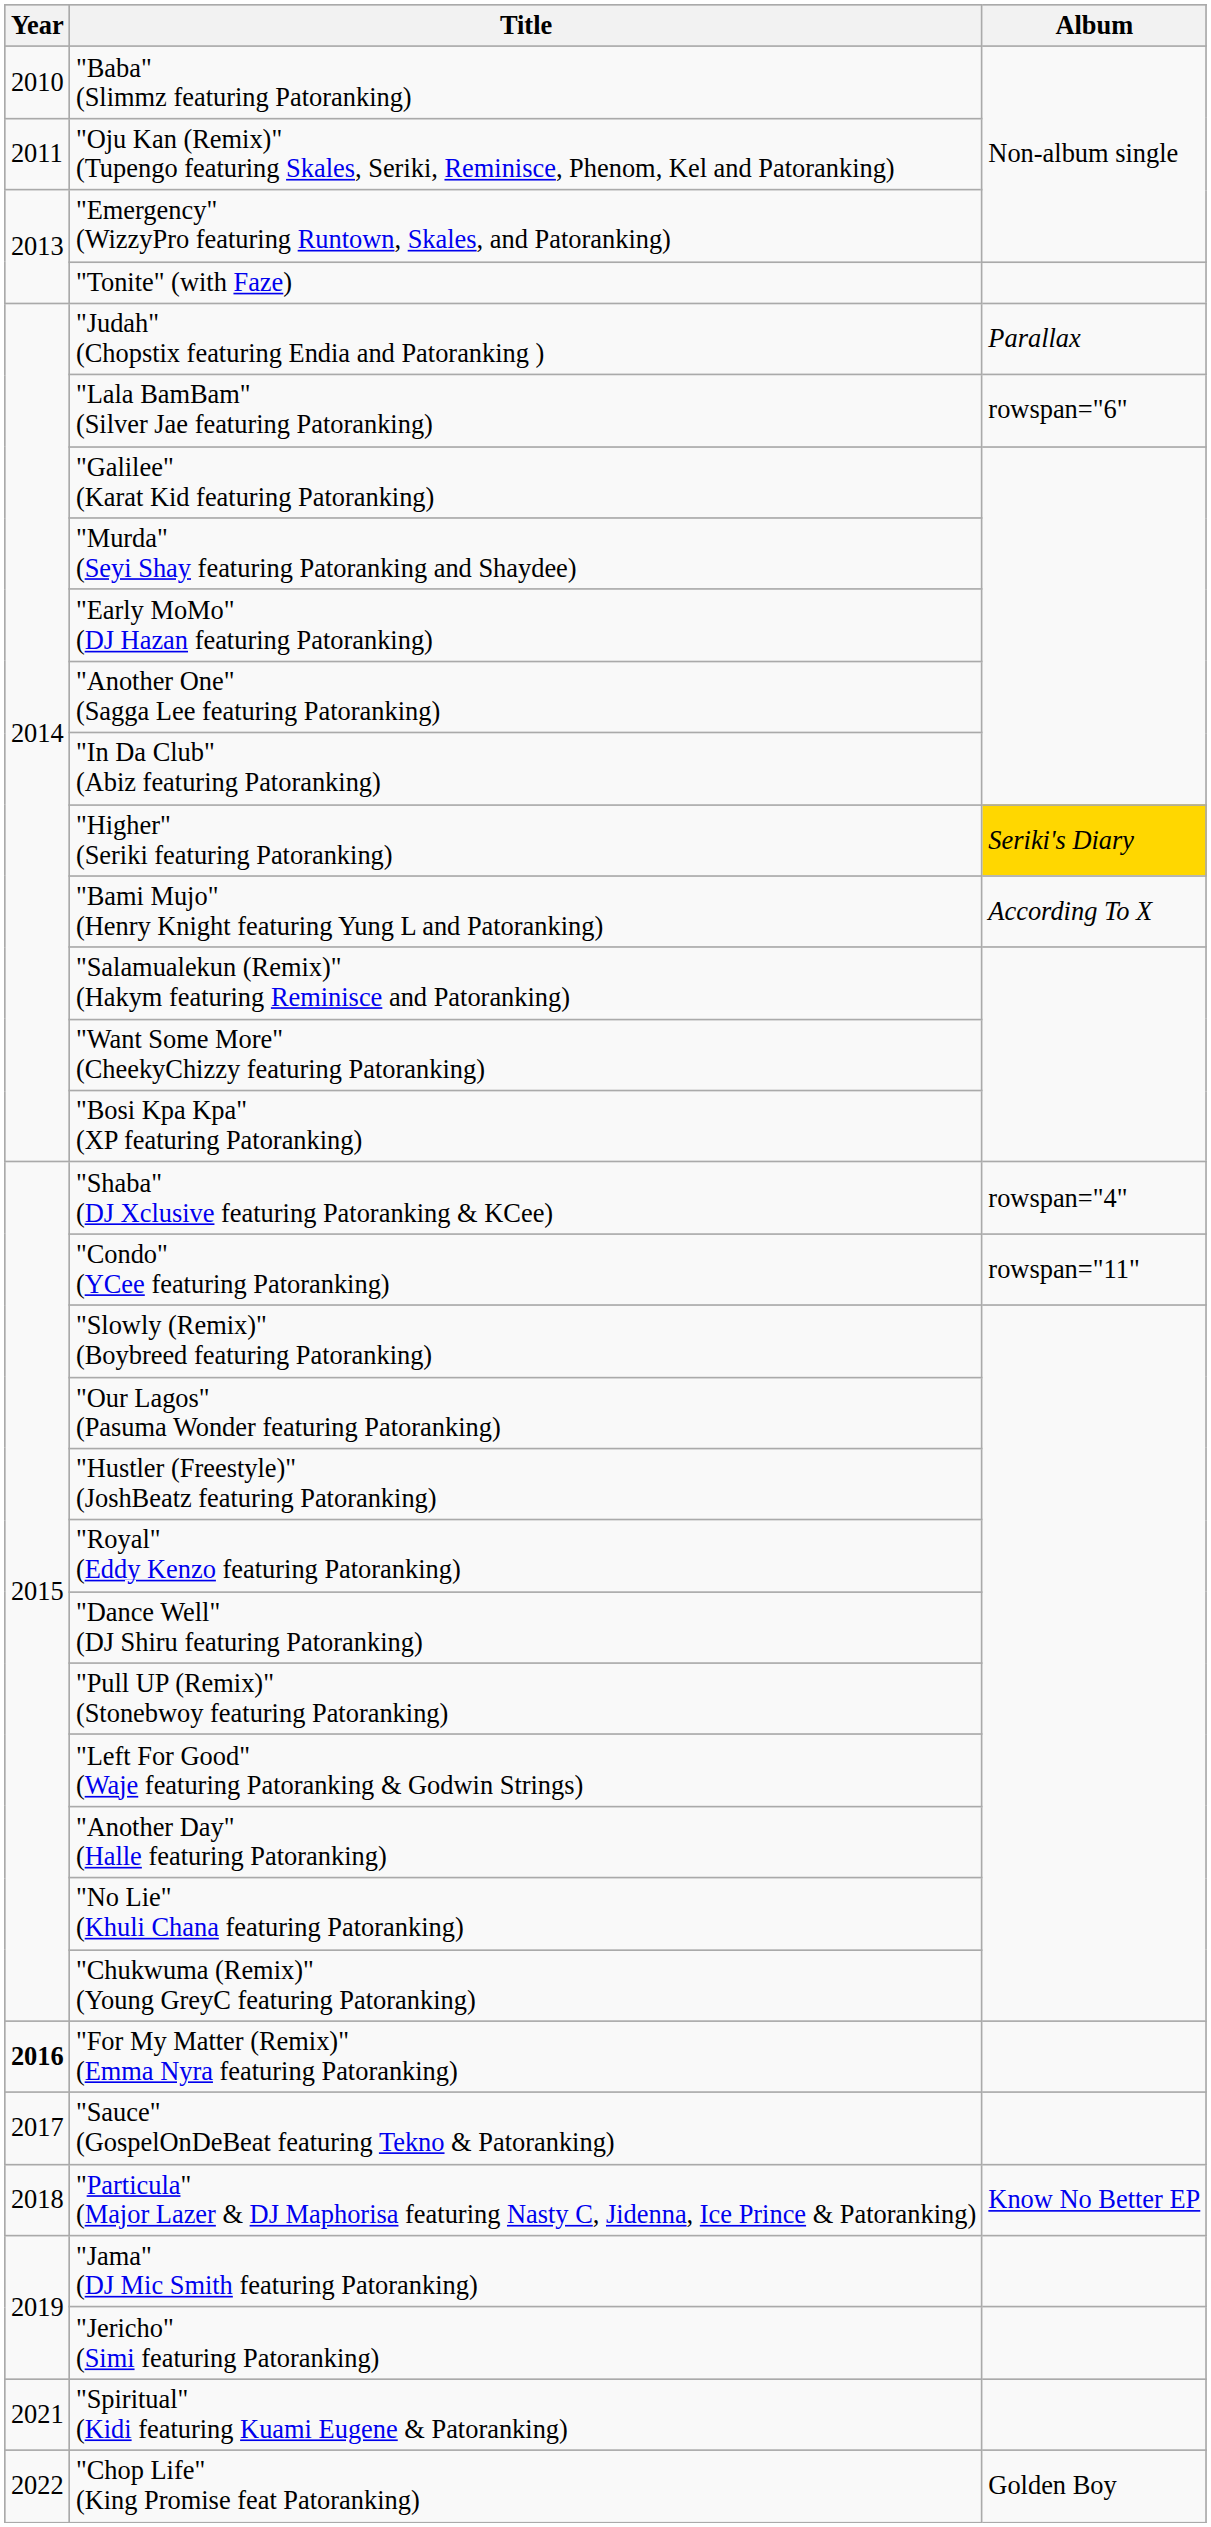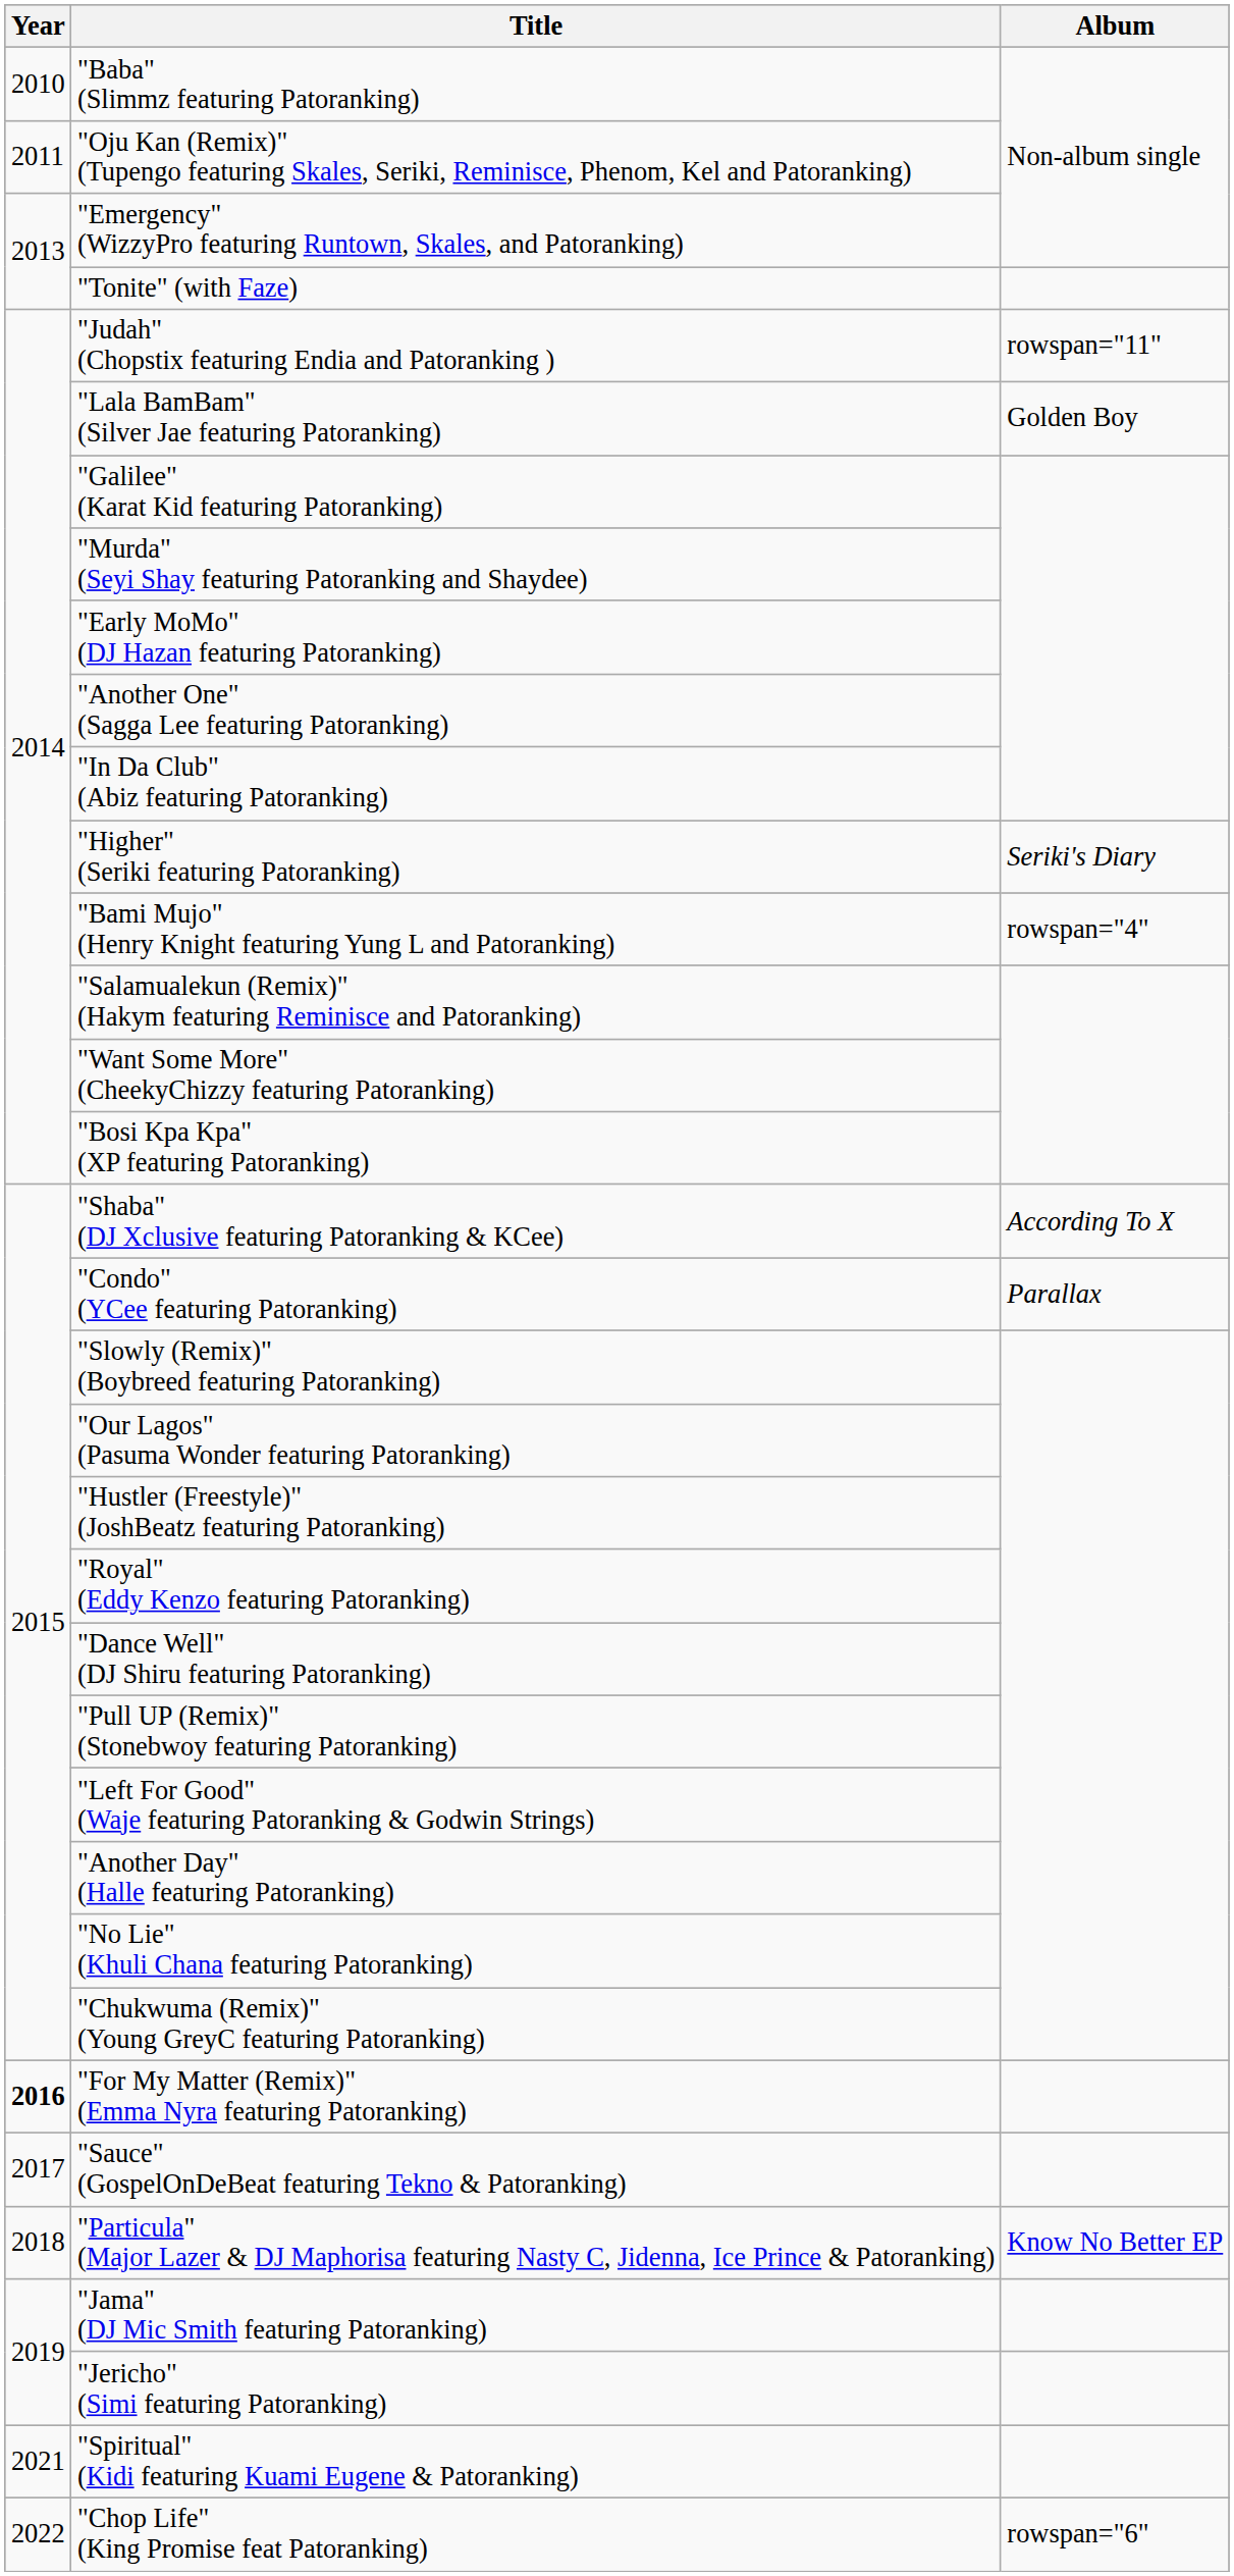 <table class="wikitable sortable mw-collapsible">
 <tr>
 <th>Year</th>
 <th>Title</th>
 <th>Album</th>
 </tr>
 <tr>
 <td>2010</td>
 <td>"Baba" <br><span>(Slimmz featuring Patoranking)</span></td>
 <td rowspan="3">Non-album single</td>
 </tr>
 <tr>
 <td>2011</td>
 <td>"Oju Kan (Remix)" <br><span>(Tupengo featuring <a href='#'>Skales</a>, Seriki, <a href='#'>Reminisce</a>, Phenom, Kel and Patoranking)</span></td>
 </tr>
 <tr>
 <td rowspan="2">2013</td>
 <td>"Emergency" <br><span>(WizzyPro featuring <a href='#'>Runtown</a>, <a href='#'>Skales</a>, and Patoranking)</span></td>
 </tr>
 <tr>
 <td>"Tonite" <span>(with <a href='#'>Faze</a>)</span></td>
 </tr>
 <tr>
 <td rowspan="12">2014</td>
 <td>"Judah" <br><span>(Chopstix featuring Endia and Patoranking )</span></td>
-<td><em>Parallax</em></td>
+<td>rowspan="11" </td>
 </tr>
 <tr>
 <td>"Lala BamBam" <br><span>(Silver Jae featuring Patoranking)</span></td>
-<td>rowspan="6" </td>
+<td>Golden Boy</td>
 </tr>
 <tr>
 <td>"Galilee" <br><span>(Karat Kid featuring Patoranking)</span></td>
 </tr>
 <tr>
 <td>"Murda" <br><span>(<a href='#'>Seyi Shay</a> featuring Patoranking and Shaydee)</span></td>
 </tr>
 <tr>
 <td>"Early MoMo" <br><span>(<a href='#'>DJ Hazan</a> featuring Patoranking)</span></td>
 </tr>
 <tr>
 <td>"Another One" <br><span>(Sagga Lee featuring Patoranking)</span></td>
 </tr>
 <tr>
 <td>"In Da Club" <br><span>(Abiz featuring Patoranking)</span></td>
 </tr>
 <tr>
 <td>"Higher" <br><span>(Seriki featuring Patoranking)</span></td>
-<td style="background: gold;"><em>Seriki's Diary</em></td>
+<td><em>Seriki's Diary</em></td>
 </tr>
 <tr>
 <td>"Bami Mujo" <br><span>(Henry Knight featuring Yung L and Patoranking)</span></td>
-<td><em>According To X</em></td>
+<td>rowspan="4" </td>
 </tr>
 <tr>
 <td>"Salamualekun (Remix)" <br><span>(Hakym featuring <a href='#'>Reminisce</a> and Patoranking)</span></td>
 </tr>
 <tr>
 <td>"Want Some More" <br><span>(CheekyChizzy featuring Patoranking)</span></td>
 </tr>
 <tr>
 <td>"Bosi Kpa Kpa" <br><span>(XP featuring Patoranking)</span></td>
 </tr>
 <tr>
 <td rowspan="12">2015</td>
 <td>"Shaba" <br><span>(<a href='#'>DJ Xclusive</a> featuring Patoranking & KCee)</span></td>
-<td>rowspan="4" </td>
+<td><em>According To X</em></td>
 </tr>
 <tr>
 <td>"Condo" <br><span>(<a href='#'>YCee</a> featuring Patoranking)</span></td>
-<td>rowspan="11" </td>
+<td><em>Parallax</em></td>
 </tr>
 <tr>
 <td>"Slowly (Remix)" <br><span>(Boybreed featuring Patoranking)</span></td>
 </tr>
 <tr>
 <td>"Our Lagos" <br><span>(Pasuma Wonder featuring Patoranking)</span></td>
 </tr>
 <tr>
 <td>"Hustler (Freestyle)" <br><span>(JoshBeatz featuring Patoranking)</span></td>
 </tr>
 <tr>
 <td>"Royal" <br><span>(<a href='#'>Eddy Kenzo</a> featuring Patoranking) </span></td>
 </tr>
 <tr>
 <td>"Dance Well" <br><span>(DJ Shiru featuring Patoranking) </span></td>
 </tr>
 <tr>
 <td>"Pull UP (Remix)"  <br><span>(Stonebwoy featuring Patoranking)</span></td>
 </tr>
 <tr>
 <td>"Left For Good" <br><span>(<a href='#'>Waje</a> featuring Patoranking & Godwin Strings)</span></td>
 </tr>
 <tr>
 <td>"Another Day" <br><span>(<a href='#'>Halle</a> featuring Patoranking)</span></td>
 </tr>
 <tr>
 <td>"No Lie" <br><span>(<a href='#'>Khuli Chana</a> featuring Patoranking)</span></td>
 </tr>
 <tr>
 <td>"Chukwuma (Remix)" <br><span>(Young GreyC featuring Patoranking)</span></td>
 </tr>
 <tr>
 <td><strong>2016</strong></td>
 <td>"For My Matter (Remix)" <br><span>(<a href='#'>Emma Nyra</a> featuring Patoranking)</span></td>
 <td></td>
 </tr>
 <tr>
 <td>2017</td>
 <td>"Sauce"<br>(GospelOnDeBeat featuring <a href='#'>Tekno</a> & Patoranking)</td>
 <td></td>
 </tr>
 <tr>
 <td>2018</td>
 <td>"<a href='#'>Particula</a>"<br>(<a href='#'>Major Lazer</a> & <a href='#'>DJ Maphorisa</a> featuring <a href='#'>Nasty C</a>, <a href='#'>Jidenna</a>, <a href='#'>Ice Prince</a> & Patoranking)</td>
 <td><a href='#'>Know No Better EP</a></td>
 </tr>
 <tr>
 <td rowspan="2">2019</td>
 <td>"Jama"<br>(<a href='#'>DJ Mic Smith</a> featuring Patoranking)</td>
 <td></td>
 </tr>
 <tr>
 <td>"Jericho"<br>(<a href='#'>Simi</a> featuring Patoranking)</td>
 <td></td>
 </tr>
 <tr>
 <td>2021</td>
 <td>"Spiritual"<br>(<a href='#'>Kidi</a> featuring <a href='#'>Kuami Eugene</a> & Patoranking)</td>
 <td></td>
 </tr>
 <tr>
 <td>2022</td>
 <td>"Chop Life"<br>(King Promise feat Patoranking)</td>
-<td>Golden Boy</td>
+<td>rowspan="6" </td>
 </tr>
 </table>
